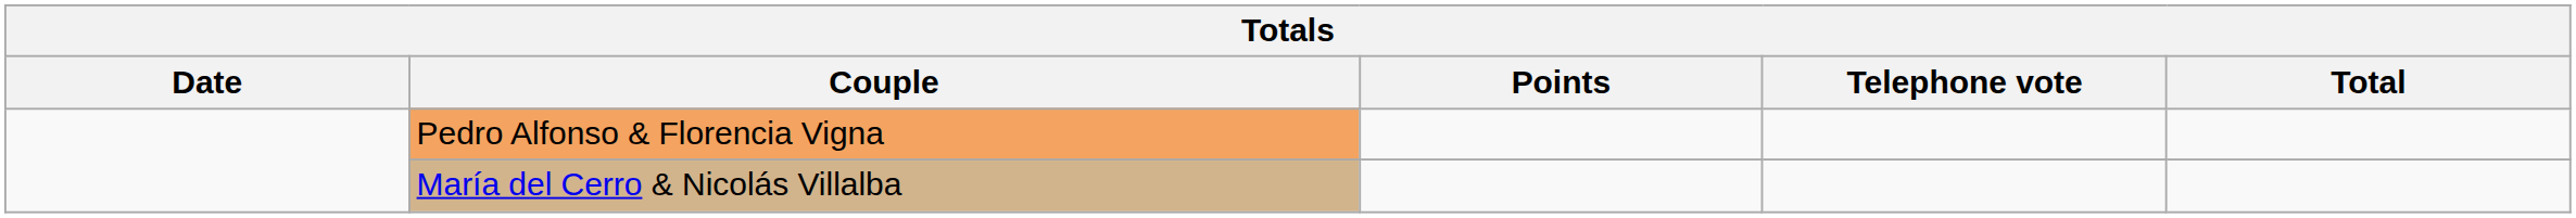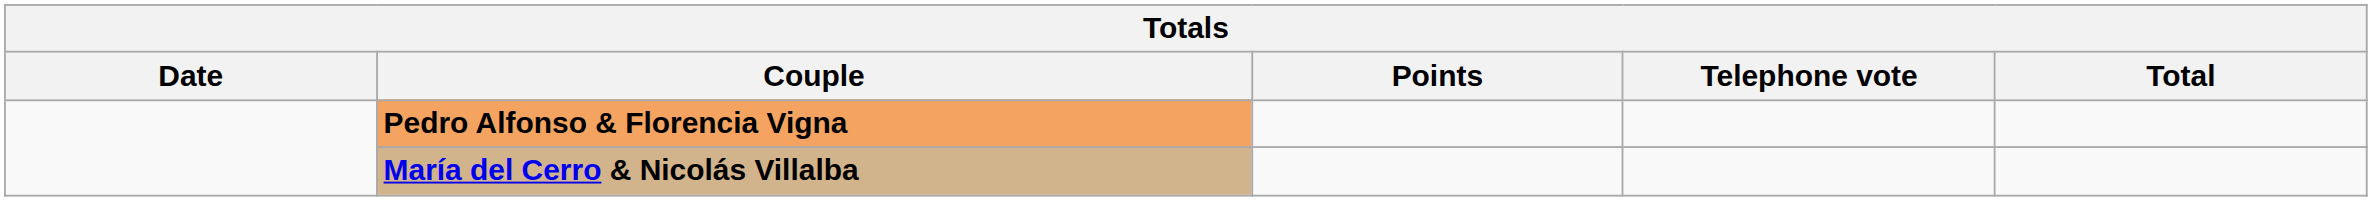 <table class="wikitable collapsible collapsed" style=" text-align: align; width: 100%;">
 <tr>
 <th colspan="11" style="with: 100%;" align="center">Totals</th>
 </tr>
 <tr>
 <th width=85>Date</th>
 <th width=210>Couple</th>
 <th width=85>Points</th>
 <th width=85>Telephone vote</th>
 <th width=85>Total</th>
 </tr>
 <tr>
 <td rowspan="2"></td>
-<td bgcolor="sandybrown">Pedro Alfonso & Florencia Vigna</td>
+<td bgcolor="sandybrown"><strong>Pedro Alfonso & Florencia Vigna</strong></td>
 <td></td>
 <td></td>
 <td></td>
 </tr>
 <tr>
-<td bgcolor="tan"><a href='#'>María del Cerro</a> & Nicolás Villalba</td>
+<td bgcolor="tan"><strong><a href='#'>María del Cerro</a> & Nicolás Villalba</strong></td>
 <td></td>
 <td></td>
 <td></td>
 </tr>
 </table>
